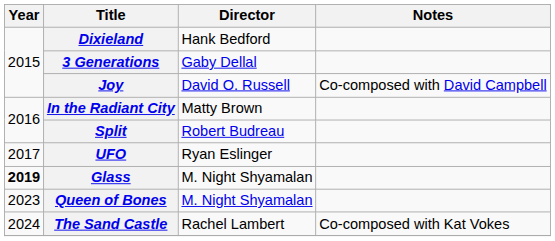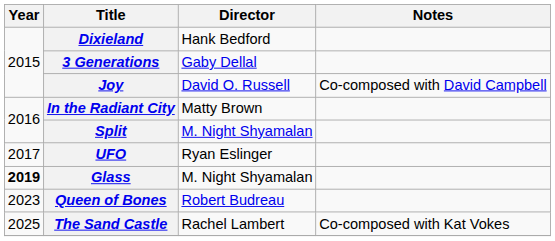 <table class="wikitable sortable">
 <tr>
 <th>Year</th>
 <th>Title</th>
 <th>Director</th>
 <th class="unsortable">Notes</th>
 </tr>
 <tr>
 <td rowspan=3>2015</td>
 <th><em><a href='#'>Dixieland</a></em></th>
 <td>Hank Bedford</td>
 <td></td>
 </tr>
 <tr>
 <th><em><a href='#'>3   Generations</a></em></th>
 <td><a href='#'>Gaby Dellal</a></td>
 <td></td>
 </tr>
 <tr>
 <th><em><a href='#'>Joy</a></em></th>
 <td><a href='#'>David O. Russell</a></td>
 <td>Co-composed with <a href='#'>David Campbell</a></td>
 </tr>
 <tr>
 <td rowspan=2>2016</td>
 <th><em><a href='#'>In the Radiant City</a></em></th>
 <td>Matty Brown</td>
 <td></td>
 </tr>
 <tr>
 <th><em><a href='#'>Split</a></em></th>
-<td><a href='#'>Robert Budreau</a></td>
+<td><a href='#'>M. Night Shyamalan</a></td>
 <td></td>
 </tr>
 <tr>
 <td>2017</td>
 <th><em><a href='#'>UFO</a></em></th>
 <td>Ryan Eslinger</td>
 <td></td>
 </tr>
 <tr>
 <td><strong>2019</strong></td>
 <th><em><a href='#'>Glass</a></em></th>
 <td>M. Night Shyamalan</td>
 <td></td>
 </tr>
 <tr>
 <td>2023</td>
 <th><em><a href='#'>Queen of Bones</a></em></th>
-<td><a href='#'>M. Night Shyamalan</a></td>
+<td><a href='#'>Robert Budreau</a></td>
 <td></td>
 </tr>
 <tr>
-<td>2024</td>
+<td>2025</td>
 <th><em><a href='#'>The Sand Castle</a></em></th>
 <td>Rachel Lambert</td>
 <td>Co-composed with Kat Vokes</td>
 </tr>
 <tr>
 </tr>
 </table>
